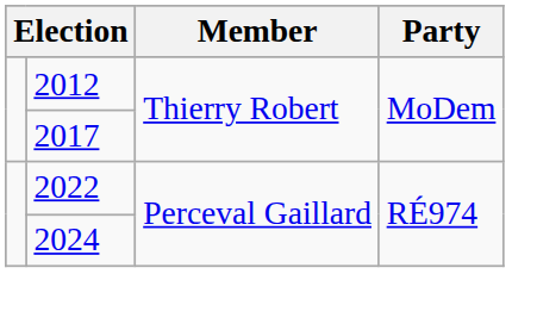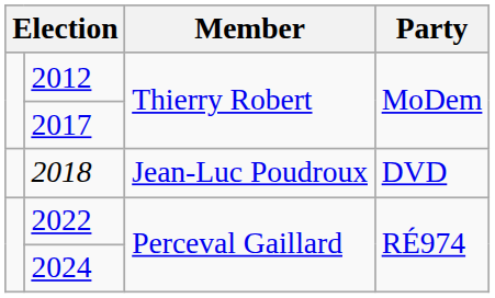 <table class="wikitable">
 <tr>
 <th colspan="2">Election</th>
 <th>Member</th>
 <th>Party</th>
 </tr>
 <tr>
 <td rowspan="2" style="color:inherit;background-color: "></td>
 <td><a href='#'>2012</a></td>
 <td rowspan="2"><a href='#'>Thierry Robert</a></td>
 <td rowspan="2"><a href='#'>MoDem</a></td>
 </tr>
 <tr>
 <td><a href='#'>2017</a></td>
 </tr>
 <tr>
+<td style="color:inherit;background-color: "></td>
+<td><em>2018</em></td>
+<td><a href='#'>Jean-Luc Poudroux</a></td>
+<td><a href='#'>DVD</a></td>
+</tr>
+<tr>
 <td rowspan="2" style="color:inherit;background-color: "></td>
 <td><a href='#'>2022</a></td>
 <td rowspan="2"><a href='#'>Perceval Gaillard</a></td>
 <td rowspan="2"><a href='#'>RÉ974</a></td>
 </tr>
 <tr>
 <td><a href='#'>2024</a></td>
 </tr>
 </table>
